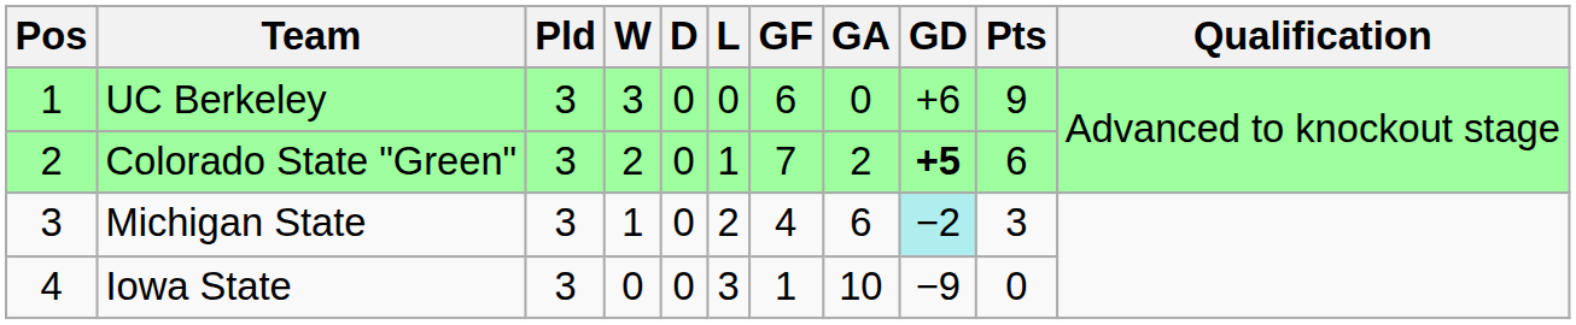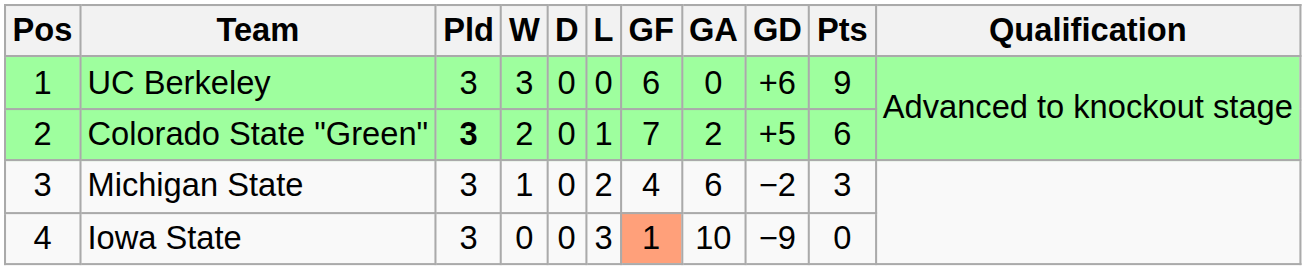 <table class="wikitable" style="text-align:center">
 <tr>
 <th>Pos</th>
 <th>Team</th>
 <th>Pld</th>
 <th>W</th>
 <th>D</th>
 <th>L</th>
 <th>GF</th>
 <th>GA</th>
 <th>GD</th>
 <th>Pts</th>
 <th>Qualification</th>
 </tr>
 <tr bgcolor="#9eff9e">
 <td>1</td>
 <td style="text-align:left">UC Berkeley</td>
 <td>3</td>
 <td>3</td>
 <td>0</td>
 <td>0</td>
 <td>6</td>
 <td>0</td>
 <td>+6</td>
 <td>9</td>
 <td rowspan="2">Advanced to knockout stage</td>
 </tr>
 <tr bgcolor="#9eff9e">
 <td>2</td>
 <td style="text-align:left">Colorado State "Green"</td>
-<td>3</td>
+<td><strong>3</strong></td>
 <td>2</td>
 <td>0</td>
 <td>1</td>
 <td>7</td>
 <td>2</td>
-<td><strong>+5</strong></td>
+<td>+5</td>
 <td>6</td>
 </tr>
 <tr>
 <td>3</td>
 <td style="text-align:left">Michigan State</td>
 <td>3</td>
 <td>1</td>
 <td>0</td>
 <td>2</td>
 <td>4</td>
 <td>6</td>
-<td style="background: paleturquoise;">−2</td>
+<td>−2</td>
 <td>3</td>
 <td rowspan="2"></td>
 </tr>
 <tr>
 <td>4</td>
 <td style="text-align:left">Iowa State</td>
 <td>3</td>
 <td>0</td>
 <td>0</td>
 <td>3</td>
-<td>1</td>
+<td style="background: lightsalmon;">1</td>
 <td>10</td>
 <td>−9</td>
 <td>0</td>
 </tr>
 </table>
